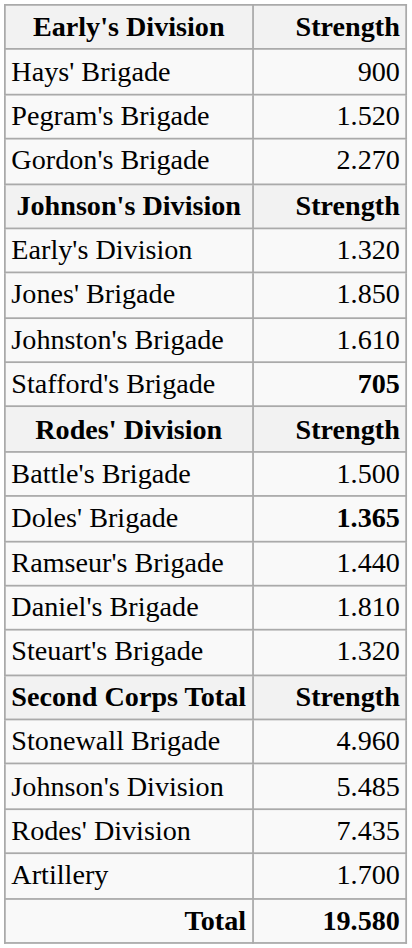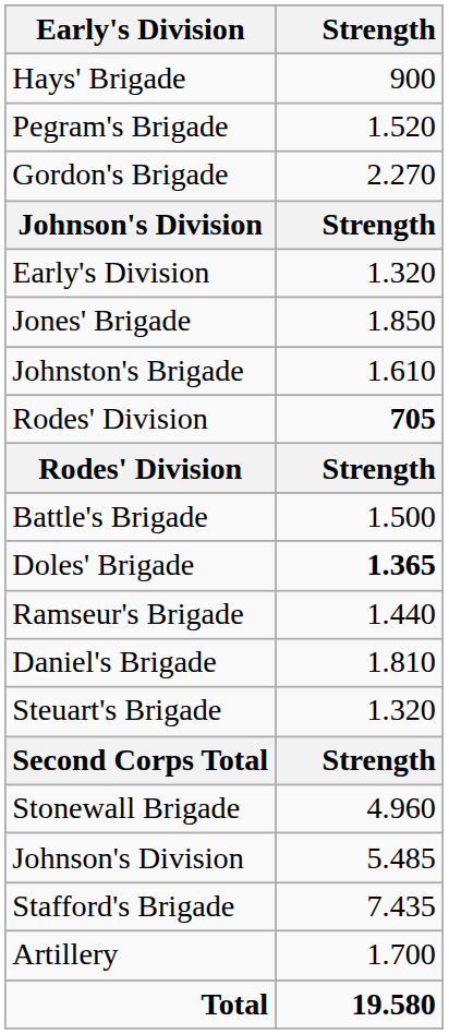 <table class="wikitable">
 <tr>
 <th>Early's Division</th>
 <th width=80px; style="text-align: right;">Strength</th>
 </tr>
 <tr>
 <td>Hays' Brigade</td>
 <td style="text-align: right;">900</td>
 </tr>
 <tr>
 <td>Pegram's Brigade</td>
 <td style="text-align: right;">1.520</td>
 </tr>
 <tr>
 <td>Gordon's Brigade</td>
 <td style="text-align: right;">2.270</td>
 </tr>
 <tr>
 <th>Johnson's Division</th>
 <th width=80px; style="text-align: right;">Strength</th>
 </tr>
 <tr>
 <td>Early's Division</td>
 <td style="text-align: right;">1.320</td>
 </tr>
 <tr>
 <td>Jones' Brigade</td>
 <td style="text-align: right;">1.850</td>
 </tr>
 <tr>
 <td>Johnston's Brigade</td>
 <td style="text-align: right;">1.610</td>
 </tr>
 <tr>
-<td>Stafford's Brigade</td>
+<td>Rodes' Division</td>
 <td style="text-align: right;"><strong>705</strong></td>
 </tr>
 <tr>
 <th>Rodes' Division</th>
 <th width=80px; style="text-align: right;">Strength</th>
 </tr>
 <tr>
 <td>Battle's Brigade</td>
 <td style="text-align: right;">1.500</td>
 </tr>
 <tr>
 <td>Doles' Brigade</td>
 <td style="text-align: right;"><strong>1.365</strong></td>
 </tr>
 <tr>
 <td>Ramseur's Brigade</td>
 <td style="text-align: right;">1.440</td>
 </tr>
 <tr>
 <td>Daniel's Brigade</td>
 <td style="text-align: right;">1.810</td>
 </tr>
 <tr>
 <td>Steuart's Brigade</td>
 <td style="text-align: right;">1.320</td>
 </tr>
 <tr>
 <th>Second Corps Total</th>
 <th width=80px; style="text-align: right;">Strength</th>
 </tr>
 <tr>
 <td>Stonewall Brigade</td>
 <td style="text-align: right;">4.960</td>
 </tr>
 <tr>
 <td>Johnson's Division</td>
 <td style="text-align: right;">5.485</td>
 </tr>
 <tr>
-<td>Rodes' Division</td>
+<td>Stafford's Brigade</td>
 <td style="text-align: right;">7.435</td>
 </tr>
 <tr>
 <td>Artillery</td>
 <td style="text-align: right;">1.700</td>
 </tr>
 <tr>
 <td style="text-align: right; font-weight: bold;">Total</td>
 <td style="text-align: right; font-weight: bold;">19.580</td>
 </tr>
 </table>
